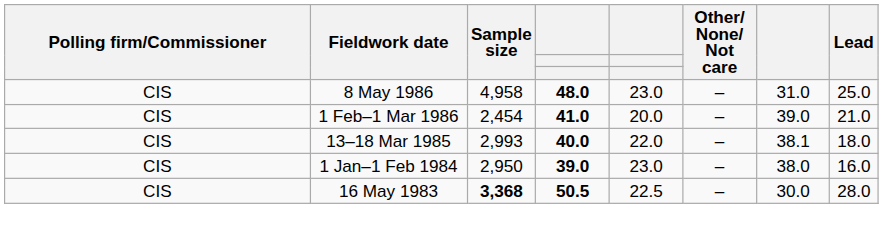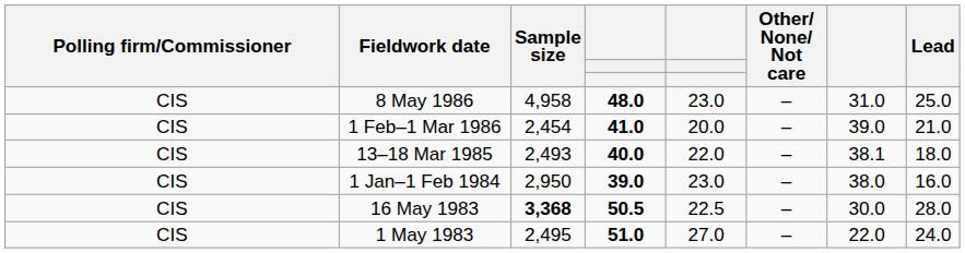 <table class="wikitable collapsible collapsed" style="text-align:center; font-size:90%; line-height:14px;">
 <tr style="height:42px;">
 <th style="width:250px;" rowspan="3">Polling firm/Commissioner</th>
 <th style="width:125px;" rowspan="3">Fieldwork date</th>
 <th style="width:50px;" rowspan="3">Sample size</th>
 <th style="width:55px;"></th>
 <th style="width:55px;"></th>
 <th style="width:55px;" rowspan="3">Other/<br>None/<br>Not<br>care</th>
 <th style="width:55px;" rowspan="3"></th>
 <th style="width:30px;" rowspan="3">Lead</th>
 </tr>
 <tr>
 <th style="color:inherit;background:"></th>
 <th style="color:inherit;background:"></th>
 </tr>
 <tr>
 <th></th>
 <th></th>
 </tr>
 <tr>
 <td>CIS</td>
 <td>8 May 1986</td>
 <td>4,958</td>
 <td><strong>48.0</strong></td>
 <td>23.0</td>
 <td>–</td>
 <td>31.0</td>
 <td style="background:">25.0</td>
 </tr>
 <tr>
 <td>CIS</td>
 <td>1 Feb–1 Mar 1986</td>
 <td>2,454</td>
 <td><strong>41.0</strong></td>
 <td>20.0</td>
 <td>–</td>
 <td>39.0</td>
 <td style="background:">21.0</td>
 </tr>
 <tr>
 <td>CIS</td>
 <td>13–18 Mar 1985</td>
-<td>2,993</td>
+<td>2,493</td>
 <td><strong>40.0</strong></td>
 <td>22.0</td>
 <td>–</td>
 <td>38.1</td>
 <td style="background:">18.0</td>
 </tr>
 <tr>
 <td>CIS</td>
 <td>1 Jan–1 Feb 1984</td>
 <td>2,950</td>
 <td><strong>39.0</strong></td>
 <td>23.0</td>
 <td>–</td>
 <td>38.0</td>
 <td style="background:">16.0</td>
 </tr>
 <tr>
 <td>CIS</td>
 <td>16 May 1983</td>
 <td><strong>3,368</strong></td>
 <td><strong>50.5</strong></td>
 <td>22.5</td>
 <td>–</td>
 <td>30.0</td>
 <td style="background:">28.0</td>
 </tr>
+<tr>
+<td>CIS</td>
+<td>1 May 1983</td>
+<td>2,495</td>
+<td><strong>51.0</strong></td>
+<td>27.0</td>
+<td>–</td>
+<td>22.0</td>
+<td style="background:">24.0</td>
+</tr>
 </table>
